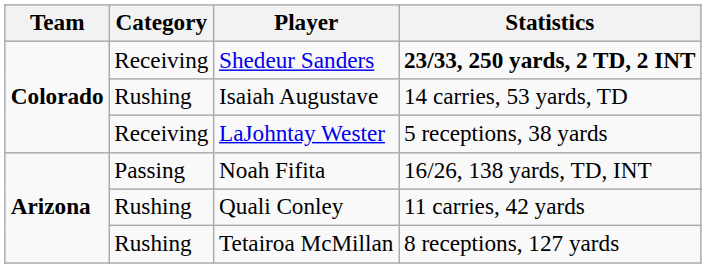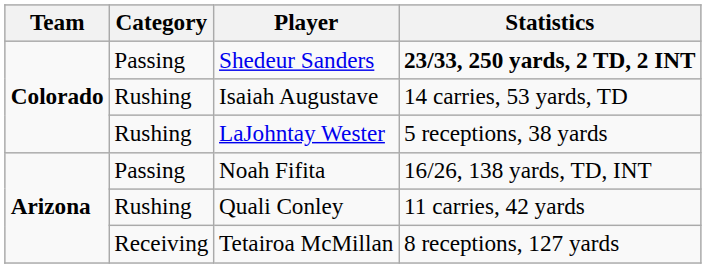 <table class="wikitable" style="float: right;">
 <tr>
 <th>Team</th>
 <th>Category</th>
 <th>Player</th>
 <th>Statistics</th>
 </tr>
 <tr>
 <td rowspan=3><strong>Colorado</strong></td>
-<td>Receiving</td>
+<td>Passing</td>
 <td><a href='#'>Shedeur Sanders</a></td>
 <td><strong>23/33, 250 yards, 2 TD, 2 INT</strong></td>
 </tr>
 <tr>
 <td>Rushing</td>
 <td>Isaiah Augustave</td>
 <td>14 carries, 53 yards, TD</td>
 </tr>
 <tr>
-<td>Receiving</td>
+<td>Rushing</td>
 <td><a href='#'>LaJohntay Wester</a></td>
 <td>5 receptions, 38 yards</td>
 </tr>
 <tr>
 <td rowspan=3><strong>Arizona</strong></td>
 <td>Passing</td>
 <td>Noah Fifita</td>
 <td>16/26, 138 yards, TD, INT</td>
 </tr>
 <tr>
 <td>Rushing</td>
 <td>Quali Conley</td>
 <td>11 carries, 42 yards</td>
 </tr>
 <tr>
-<td>Rushing</td>
+<td>Receiving</td>
 <td>Tetairoa McMillan</td>
 <td>8 receptions, 127 yards</td>
 </tr>
 </table>
